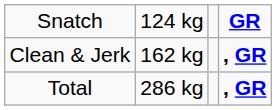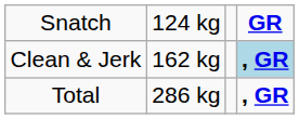 <table class = "wikitable" style="text-align:center;">
 <tr>
 <td>Snatch</td>
 <td>124 kg</td>
 <td align=left></td>
 <td><strong><a href='#'>GR</a></strong></td>
 </tr>
 <tr>
 <td>Clean & Jerk</td>
 <td>162 kg</td>
 <td align=left></td>
-<td><strong>, <a href='#'>GR</a></strong></td>
+<td style="background: lightblue;"><strong>, <a href='#'>GR</a></strong></td>
 </tr>
 <tr>
 <td>Total</td>
 <td>286 kg</td>
 <td align=left></td>
 <td><strong>, <a href='#'>GR</a></strong></td>
 </tr>
 </table>
